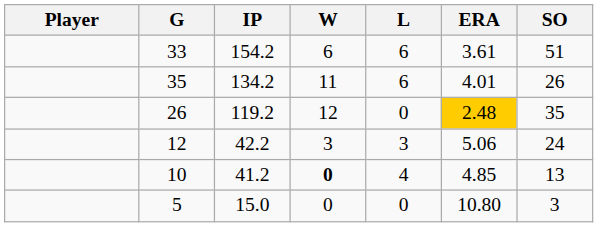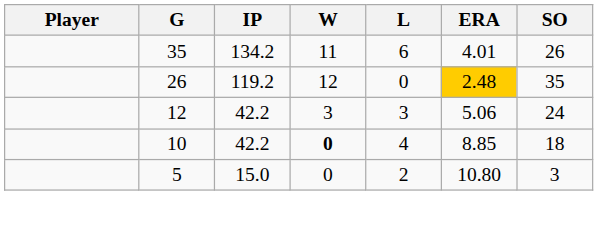 <table class="wikitable sortable">
 <tr>
 <th bgcolor="#DDDDFF" width="16%">Player</th>
 <th bgcolor="#DDDDFF" width="9%">G</th>
 <th bgcolor="#DDDDFF" width="9%">IP</th>
 <th bgcolor="#DDDDFF" width="9%">W</th>
 <th bgcolor="#DDDDFF" width="9%">L</th>
 <th bgcolor="#DDDDFF" width="9%">ERA</th>
 <th bgcolor="#DDDDFF" width="9%">SO</th>
-</tr>
-<tr align="center">
-<td></td>
-<td>33</td>
-<td>154.2</td>
-<td>6</td>
-<td>6</td>
-<td>3.61</td>
-<td>51</td>
 </tr>
 <tr align="center">
 <td></td>
 <td>35</td>
 <td>134.2</td>
 <td>11</td>
 <td>6</td>
 <td>4.01</td>
 <td>26</td>
 </tr>
 <tr align="center">
 <td></td>
 <td>26</td>
 <td>119.2</td>
 <td>12</td>
 <td>0</td>
 <td style="background:#fc0;">2.48</td>
 <td>35</td>
 </tr>
 <tr align="center">
 <td></td>
 <td>12</td>
 <td>42.2</td>
 <td>3</td>
 <td>3</td>
 <td>5.06</td>
 <td>24</td>
 </tr>
 <tr align="center">
 <td></td>
 <td>10</td>
-<td>41.2</td>
+<td>42.2</td>
 <td><strong>0</strong></td>
 <td>4</td>
-<td>4.85</td>
-<td>13</td>
+<td>8.85</td>
+<td>18</td>
 </tr>
 <tr align="center">
 <td></td>
 <td>5</td>
 <td>15.0</td>
 <td>0</td>
-<td>0</td>
+<td>2</td>
 <td>10.80</td>
 <td>3</td>
 </tr>
 </table>
